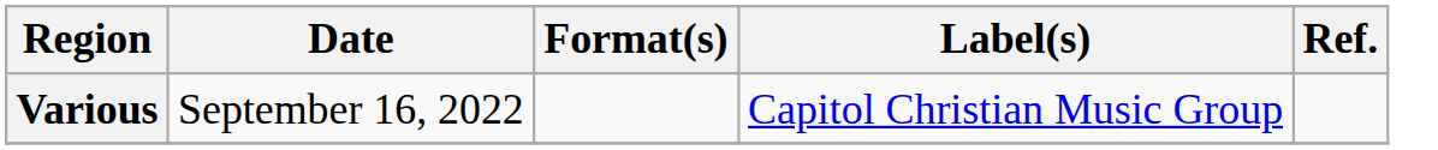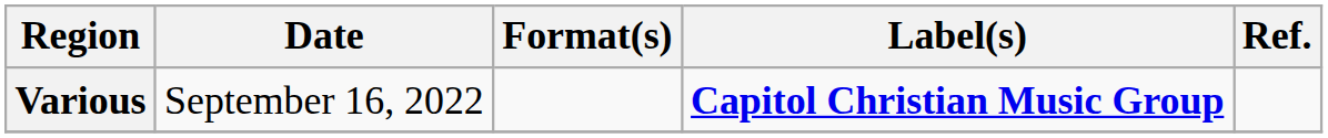 <table class="wikitable plainrowheaders">
 <tr>
 <th scope="col">Region</th>
 <th scope="col">Date</th>
 <th scope="col">Format(s)</th>
 <th scope="col">Label(s)</th>
 <th scope="col">Ref.</th>
 </tr>
 <tr>
 <th scope="row">Various</th>
 <td>September 16, 2022</td>
 <td></td>
-<td><a href='#'>Capitol Christian Music Group</a></td>
+<td><strong><a href='#'>Capitol Christian Music Group</a></strong></td>
 <td></td>
 </tr>
 <tr>
 </tr>
 </table>
